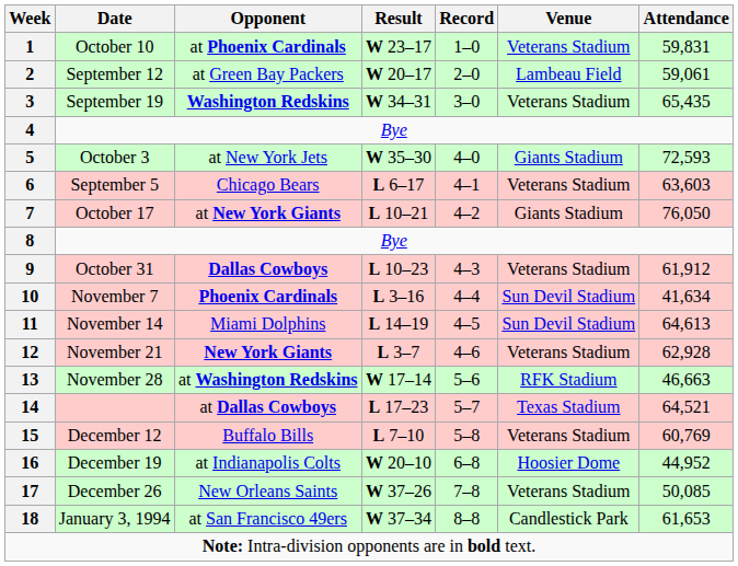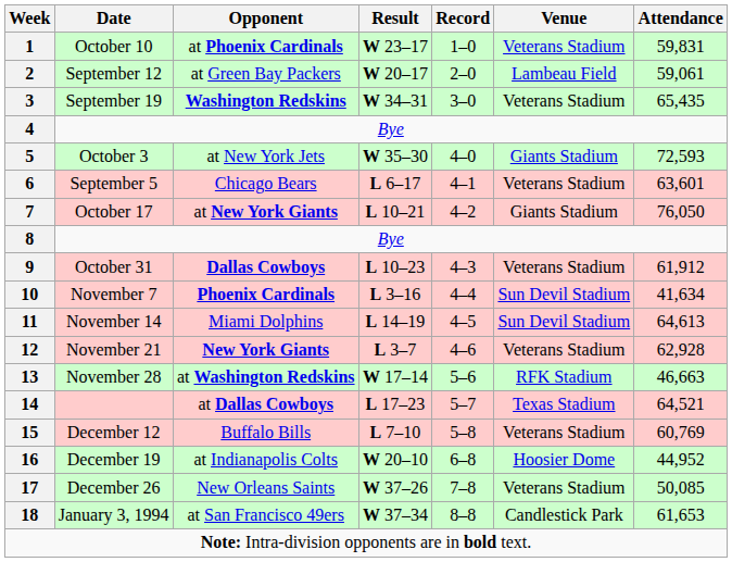 <table class="wikitable" style="text-align:center">
 <tr>
 <th>Week</th>
 <th>Date</th>
 <th>Opponent</th>
 <th>Result</th>
 <th>Record</th>
 <th>Venue</th>
 <th>Attendance</th>
 </tr>
 <tr style="background:#cfc">
 <th>1</th>
 <td>October 10</td>
 <td>at <strong><a href='#'>Phoenix Cardinals</a></strong></td>
 <td><strong>W</strong> 23–17</td>
 <td>1–0</td>
 <td><a href='#'>Veterans Stadium</a></td>
 <td>59,831</td>
 </tr>
 <tr style="background:#cfc">
 <th>2</th>
 <td>September 12</td>
 <td>at <a href='#'>Green Bay Packers</a></td>
 <td><strong>W</strong> 20–17</td>
 <td>2–0</td>
 <td><a href='#'>Lambeau Field</a></td>
 <td>59,061</td>
 </tr>
 <tr style="background:#cfc">
 <th>3</th>
 <td>September 19</td>
 <td><strong><a href='#'>Washington Redskins</a></strong></td>
 <td><strong>W</strong> 34–31</td>
 <td>3–0</td>
 <td>Veterans Stadium</td>
 <td>65,435</td>
 </tr>
 <tr>
 <th>4</th>
 <td colspan="6"><em><a href='#'>Bye</a></em></td>
 </tr>
 <tr style="background:#cfc">
 <th>5</th>
 <td>October 3</td>
 <td>at <a href='#'>New York Jets</a></td>
 <td><strong>W</strong> 35–30</td>
 <td>4–0</td>
 <td><a href='#'>Giants Stadium</a></td>
 <td>72,593</td>
 </tr>
 <tr style="background:#fcc">
 <th>6</th>
 <td>September 5</td>
 <td><a href='#'>Chicago Bears</a></td>
 <td><strong>L</strong> 6–17</td>
 <td>4–1</td>
 <td>Veterans Stadium</td>
-<td>63,603</td>
+<td>63,601</td>
 </tr>
 <tr style="background:#fcc">
 <th>7</th>
 <td>October 17</td>
 <td>at <strong><a href='#'>New York Giants</a></strong></td>
 <td><strong>L</strong> 10–21</td>
 <td>4–2</td>
 <td>Giants Stadium</td>
 <td>76,050</td>
 </tr>
 <tr>
 <th>8</th>
 <td colspan="6"><em><a href='#'>Bye</a></em></td>
 </tr>
 <tr style="background:#fcc">
 <th>9</th>
 <td>October 31</td>
 <td><strong><a href='#'>Dallas Cowboys</a></strong></td>
 <td><strong>L</strong> 10–23</td>
 <td>4–3</td>
 <td>Veterans Stadium</td>
 <td>61,912</td>
 </tr>
 <tr style="background:#fcc">
 <th>10</th>
 <td>November 7</td>
 <td><strong><a href='#'>Phoenix Cardinals</a></strong></td>
 <td><strong>L</strong> 3–16</td>
 <td>4–4</td>
 <td><a href='#'>Sun Devil Stadium</a></td>
 <td>41,634</td>
 </tr>
 <tr style="background:#fcc">
 <th>11</th>
 <td>November 14</td>
 <td><a href='#'>Miami Dolphins</a></td>
 <td><strong>L</strong> 14–19</td>
 <td>4–5</td>
 <td><a href='#'>Sun Devil Stadium</a></td>
 <td>64,613</td>
 </tr>
 <tr style="background:#fcc">
 <th>12</th>
 <td>November 21</td>
 <td><strong><a href='#'>New York Giants</a></strong></td>
 <td><strong>L</strong> 3–7</td>
 <td>4–6</td>
 <td>Veterans Stadium</td>
 <td>62,928</td>
 </tr>
 <tr style="background:#cfc">
 <th>13</th>
 <td>November 28</td>
 <td>at <strong><a href='#'>Washington Redskins</a></strong></td>
 <td><strong>W</strong> 17–14</td>
 <td>5–6</td>
 <td><a href='#'>RFK Stadium</a></td>
 <td>46,663</td>
 </tr>
 <tr style="background:#fcc">
 <th>14</th>
 <td></td>
 <td>at <strong><a href='#'>Dallas Cowboys</a></strong></td>
 <td><strong>L</strong> 17–23</td>
 <td>5–7</td>
 <td><a href='#'>Texas Stadium</a></td>
 <td>64,521</td>
 </tr>
 <tr style="background:#fcc">
 <th>15</th>
 <td>December 12</td>
 <td><a href='#'>Buffalo Bills</a></td>
 <td><strong>L</strong> 7–10</td>
 <td>5–8</td>
 <td>Veterans Stadium</td>
 <td>60,769</td>
 </tr>
 <tr style="background:#cfc">
 <th>16</th>
 <td>December 19</td>
 <td>at <a href='#'>Indianapolis Colts</a></td>
 <td><strong>W</strong> 20–10</td>
 <td>6–8</td>
 <td><a href='#'>Hoosier Dome</a></td>
 <td>44,952</td>
 </tr>
 <tr style="background:#cfc">
 <th>17</th>
 <td>December 26</td>
 <td><a href='#'>New Orleans Saints</a></td>
 <td><strong>W</strong> 37–26</td>
 <td>7–8</td>
 <td>Veterans Stadium</td>
 <td>50,085</td>
 </tr>
 <tr style="background:#cfc">
 <th>18</th>
 <td>January 3, 1994</td>
 <td>at <a href='#'>San Francisco 49ers</a></td>
 <td><strong>W</strong> 37–34 </td>
 <td>8–8</td>
 <td>Candlestick Park</td>
 <td>61,653</td>
 </tr>
 <tr>
 <td colspan="8"><strong>Note:</strong> Intra-division opponents are in <strong>bold</strong> text.</td>
 </tr>
 </table>
